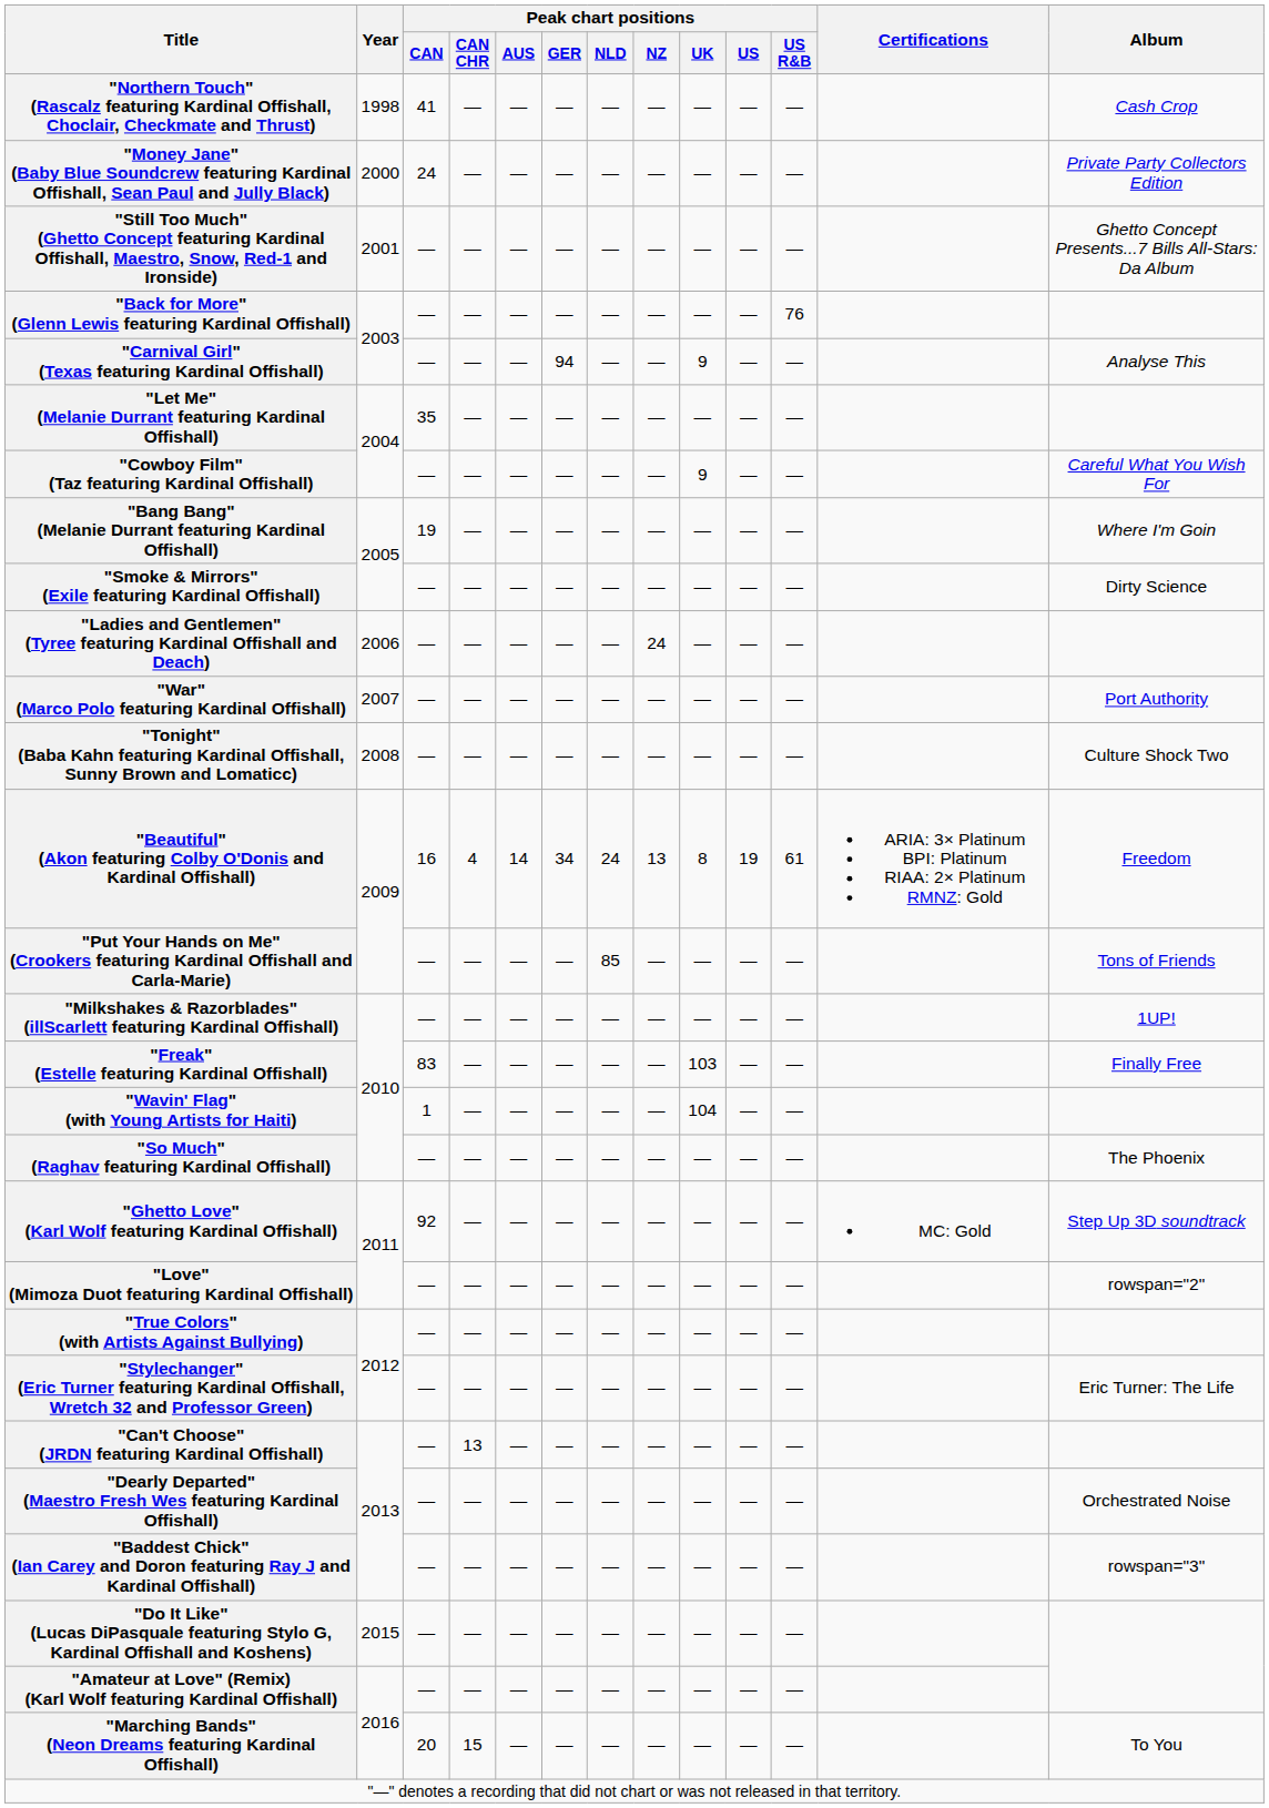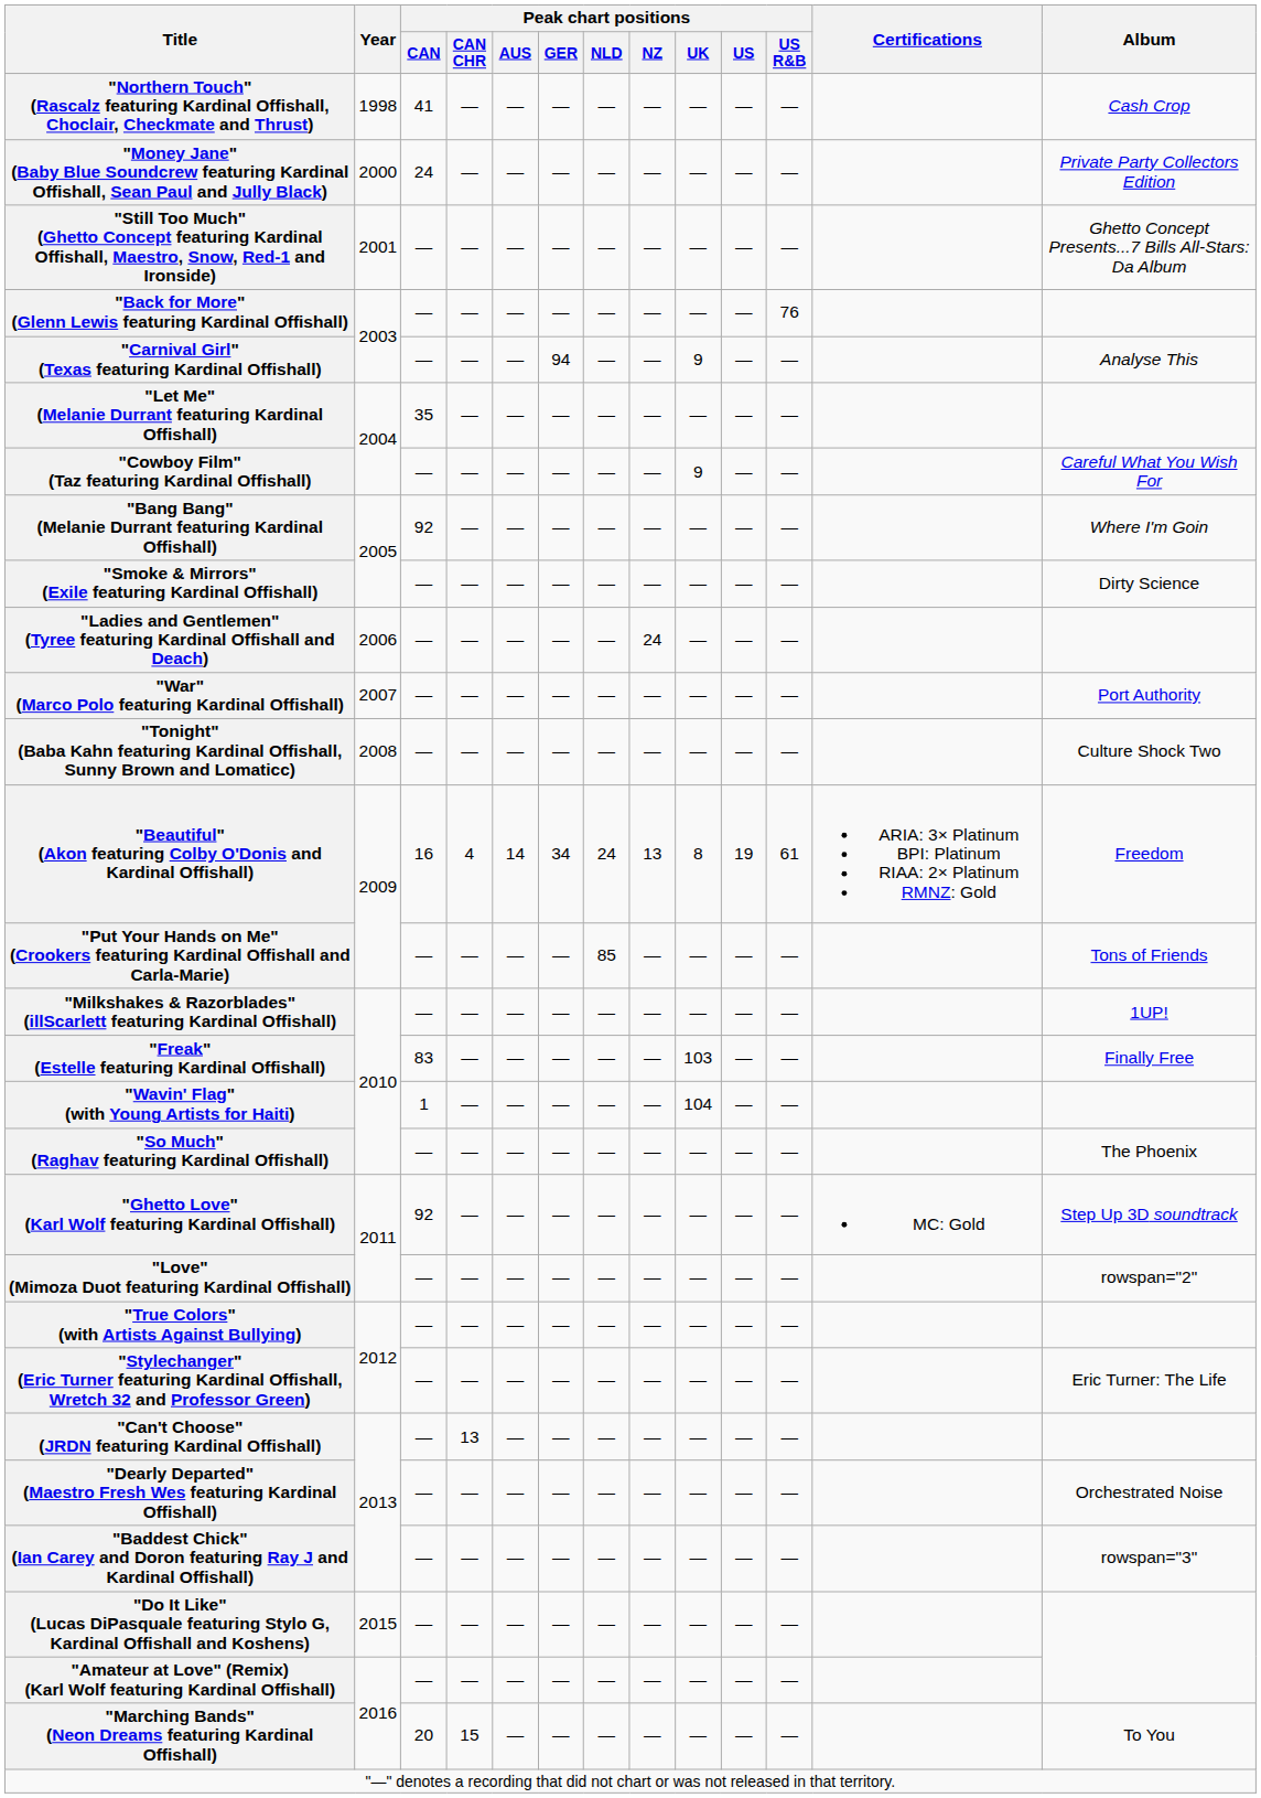 <table class="wikitable plainrowheaders" style="text-align:center;">
 <tr>
 <th scope="col" rowspan="2" style="width:20em;">Title</th>
 <th scope="col" rowspan="2" style="width:1em;">Year</th>
 <th scope="col" colspan="9">Peak chart positions</th>
 <th scope="col" rowspan="2" style="width:13em;"><a href='#'>Certifications</a></th>
 <th scope="col" rowspan="2" style="width:12em;">Album</th>
 </tr>
 <tr>
 <th scope="col" style="width:2.5em;font-size:90%;"><a href='#'>CAN</a><br></th>
 <th scope="col" style="width:2.5em;font-size:90%;"><a href='#'>CAN<br>CHR</a><br></th>
 <th scope="col" style="width:2.5em;font-size:90%;"><a href='#'>AUS</a><br></th>
 <th scope="col" style="width:2.5em;font-size:90%;"><a href='#'>GER</a><br></th>
 <th scope="col" style="width:2.5em;font-size:90%;"><a href='#'>NLD</a><br></th>
 <th scope="col" style="width:2.5em;font-size:90%;"><a href='#'>NZ</a><br></th>
 <th scope="col" style="width:2.5em;font-size:90%;"><a href='#'>UK</a><br></th>
 <th scope="col" style="width:2.5em;font-size:90%;"><a href='#'>US</a><br></th>
 <th scope="col" style="width:2.5em;font-size:90%;"><a href='#'>US<br>R&B</a><br></th>
 </tr>
 <tr>
 <th scope="row">"<a href='#'>Northern Touch</a>"<br><span>(<a href='#'>Rascalz</a> featuring Kardinal Offishall, <a href='#'>Choclair</a>, <a href='#'>Checkmate</a> and <a href='#'>Thrust</a>)</span></th>
 <td>1998</td>
 <td>41</td>
 <td>—</td>
 <td>—</td>
 <td>—</td>
 <td>—</td>
 <td>—</td>
 <td>—</td>
 <td>—</td>
 <td>—</td>
 <td></td>
 <td><em><a href='#'>Cash Crop</a></em></td>
 </tr>
 <tr>
 <th scope="row">"<a href='#'>Money Jane</a>"<br><span>(<a href='#'>Baby Blue Soundcrew</a> featuring Kardinal Offishall, <a href='#'>Sean Paul</a> and <a href='#'>Jully Black</a>)</span></th>
 <td>2000</td>
 <td>24</td>
 <td>—</td>
 <td>—</td>
 <td>—</td>
 <td>—</td>
 <td>—</td>
 <td>—</td>
 <td>—</td>
 <td>—</td>
 <td></td>
 <td><em><a href='#'>Private Party Collectors Edition</a></em></td>
 </tr>
 <tr>
 <th scope="row">"Still Too Much"<br><span>(<a href='#'>Ghetto Concept</a> featuring Kardinal Offishall, <a href='#'>Maestro</a>, <a href='#'>Snow</a>, <a href='#'>Red-1</a> and Ironside)</span></th>
 <td>2001</td>
 <td>—</td>
 <td>—</td>
 <td>—</td>
 <td>—</td>
 <td>—</td>
 <td>—</td>
 <td>—</td>
 <td>—</td>
 <td>—</td>
 <td></td>
 <td><em>Ghetto Concept Presents...7 Bills All-Stars: Da Album </em></td>
 </tr>
 <tr>
 <th scope="row">"<a href='#'>Back for More</a>"<br><span>(<a href='#'>Glenn Lewis</a> featuring Kardinal Offishall)</span></th>
 <td rowspan="2">2003</td>
 <td>—</td>
 <td>—</td>
 <td>—</td>
 <td>—</td>
 <td>—</td>
 <td>—</td>
 <td>—</td>
 <td>—</td>
 <td>76</td>
 <td></td>
 <td></td>
 </tr>
 <tr>
 <th scope="row">"<a href='#'>Carnival Girl</a>"<br><span>(<a href='#'>Texas</a> featuring Kardinal Offishall)</span></th>
 <td>—</td>
 <td>—</td>
 <td>—</td>
 <td>94</td>
 <td>—</td>
 <td>—</td>
 <td>9</td>
 <td>—</td>
 <td>—</td>
 <td></td>
 <td><em>Analyse This</em></td>
 </tr>
 <tr>
 <th scope="row">"Let Me"<br><span>(<a href='#'>Melanie Durrant</a> featuring Kardinal Offishall)</span></th>
 <td rowspan="2">2004</td>
 <td>35</td>
 <td>—</td>
 <td>—</td>
 <td>—</td>
 <td>—</td>
 <td>—</td>
 <td>—</td>
 <td>—</td>
 <td>—</td>
 <td></td>
 <td></td>
 </tr>
 <tr>
 <th scope="row">"Cowboy Film"<br><span>(Taz featuring Kardinal Offishall)</span></th>
 <td>—</td>
 <td>—</td>
 <td>—</td>
 <td>—</td>
 <td>—</td>
 <td>—</td>
 <td>9</td>
 <td>—</td>
 <td>—</td>
 <td></td>
 <td><em><a href='#'>Careful What You Wish For</a></em></td>
 </tr>
 <tr>
 <th scope="row">"Bang Bang"<br><span>(Melanie Durrant featuring Kardinal Offishall)</span></th>
 <td rowspan="2">2005</td>
-<td>19</td>
+<td>92</td>
 <td>—</td>
 <td>—</td>
 <td>—</td>
 <td>—</td>
 <td>—</td>
 <td>—</td>
 <td>—</td>
 <td>—</td>
 <td></td>
 <td><em>Where I'm Goin<strong></td>
 </tr>
 <tr>
 <th scope="row">"Smoke & Mirrors"<br><span>(<a href='#'>Exile</a> featuring Kardinal Offishall)</span></th>
 <td>—</td>
 <td>—</td>
 <td>—</td>
 <td>—</td>
 <td>—</td>
 <td>—</td>
 <td>—</td>
 <td>—</td>
 <td>—</td>
 <td></td>
 <td></em>Dirty Science<em></td>
 </tr>
 <tr>
 <th scope="row">"Ladies and Gentlemen"<br><span>(<a href='#'>Tyree</a> featuring Kardinal Offishall and <a href='#'>Deach</a>)</span></th>
 <td>2006</td>
 <td>—</td>
 <td>—</td>
 <td>—</td>
 <td>—</td>
 <td>—</td>
 <td>24</td>
 <td>—</td>
 <td>—</td>
 <td>—</td>
 <td></td>
 <td></td>
 </tr>
 <tr>
 <th scope="row">"War"<br><span>(<a href='#'>Marco Polo</a> featuring Kardinal Offishall)</span></th>
 <td>2007</td>
 <td>—</td>
 <td>—</td>
 <td>—</td>
 <td>—</td>
 <td>—</td>
 <td>—</td>
 <td>—</td>
 <td>—</td>
 <td>—</td>
 <td></td>
 <td></em><a href='#'>Port Authority</a><em></td>
 </tr>
 <tr>
 <th scope="row">"Tonight"<br><span>(Baba Kahn featuring Kardinal Offishall, Sunny Brown and Lomaticc)</span></th>
 <td>2008</td>
 <td>—</td>
 <td>—</td>
 <td>—</td>
 <td>—</td>
 <td>—</td>
 <td>—</td>
 <td>—</td>
 <td>—</td>
 <td>—</td>
 <td></td>
 <td></em>Culture Shock Two<em></td>
 </tr>
 <tr>
 <th scope="row">"<a href='#'>Beautiful</a>"<br><span>(<a href='#'>Akon</a> featuring <a href='#'>Colby O'Donis</a> and Kardinal Offishall)</span></th>
 <td rowspan="2">2009</td>
 <td>16</td>
 <td>4</td>
 <td>14</td>
 <td>34</td>
 <td>24</td>
 <td>13</td>
 <td>8</td>
 <td>19</td>
 <td>61</td>
 <td><br><ul><li>ARIA: 3× Platinum</li><li>BPI: Platinum</li><li>RIAA: 2× Platinum</li><li><a href='#'>RMNZ</a>: Gold</li></ul></td>
 <td></em><a href='#'>Freedom</a><em></td>
 </tr>
 <tr>
 <th scope="row">"Put Your Hands on Me"<br><span>(<a href='#'>Crookers</a> featuring Kardinal Offishall and Carla-Marie)</span></th>
 <td>—</td>
 <td>—</td>
 <td>—</td>
 <td>—</td>
 <td>85</td>
 <td>—</td>
 <td>—</td>
 <td>—</td>
 <td>—</td>
 <td></td>
 <td></em><a href='#'>Tons of Friends</a><em></td>
 </tr>
 <tr>
 <th scope="row">"Milkshakes & Razorblades"<br><span>(<a href='#'>illScarlett</a> featuring Kardinal Offishall)</span></th>
 <td rowspan="4">2010</td>
 <td>—</td>
 <td>—</td>
 <td>—</td>
 <td>—</td>
 <td>—</td>
 <td>—</td>
 <td>—</td>
 <td>—</td>
 <td>—</td>
 <td></td>
 <td></em><a href='#'>1UP!</a><em></td>
 </tr>
 <tr>
 <th scope="row">"<a href='#'>Freak</a>"<br><span>(<a href='#'>Estelle</a> featuring Kardinal Offishall)</span></th>
 <td>83</td>
 <td>—</td>
 <td>—</td>
 <td>—</td>
 <td>—</td>
 <td>—</td>
 <td>103</td>
 <td>—</td>
 <td>—</td>
 <td></td>
 <td></em><a href='#'>Finally Free</a><em></td>
 </tr>
 <tr>
 <th scope="row">"<a href='#'>Wavin' Flag</a>"<br><span>(with <a href='#'>Young Artists for Haiti</a>)</span></th>
 <td>1</td>
 <td>—</td>
 <td>—</td>
 <td>—</td>
 <td>—</td>
 <td>—</td>
 <td>104</td>
 <td>—</td>
 <td>—</td>
 <td></td>
 <td></td>
 </tr>
 <tr>
 <th scope="row">"<a href='#'>So Much</a>"<br><span>(<a href='#'>Raghav</a> featuring Kardinal Offishall)</span></th>
 <td>—</td>
 <td>—</td>
 <td>—</td>
 <td>—</td>
 <td>—</td>
 <td>—</td>
 <td>—</td>
 <td>—</td>
 <td>—</td>
 <td></td>
 <td></em>The Phoenix<em></td>
 </tr>
 <tr>
 <th scope="row">"<a href='#'>Ghetto Love</a>"<br><span>(<a href='#'>Karl Wolf</a> featuring Kardinal Offishall)</span></th>
 <td rowspan="2">2011</td>
 <td>92</td>
 <td>—</td>
 <td>—</td>
 <td>—</td>
 <td>—</td>
 <td>—</td>
 <td>—</td>
 <td>—</td>
 <td>—</td>
 <td><br><ul><li>MC: Gold</li></ul></td>
 <td><a href='#'></em>Step Up 3D<em> soundtrack</a></td>
 </tr>
 <tr>
 <th scope="row">"Love"<br><span>(Mimoza Duot featuring Kardinal Offishall)</span></th>
 <td>—</td>
 <td>—</td>
 <td>—</td>
 <td>—</td>
 <td>—</td>
 <td>—</td>
 <td>—</td>
 <td>—</td>
 <td>—</td>
 <td></td>
 <td>rowspan="2" </td>
 </tr>
 <tr>
 <th scope="row">"<a href='#'>True Colors</a>"<br><span>(with <a href='#'>Artists Against Bullying</a>)</span></th>
 <td rowspan="2">2012</td>
 <td>—</td>
 <td>—</td>
 <td>—</td>
 <td>—</td>
 <td>—</td>
 <td>—</td>
 <td>—</td>
 <td>—</td>
 <td>—</td>
 <td></td>
 </tr>
 <tr>
 <th scope="row">"<a href='#'>Stylechanger</a>"<br><span>(<a href='#'>Eric Turner</a> featuring Kardinal Offishall, <a href='#'>Wretch 32</a> and <a href='#'>Professor Green</a>)</span></th>
 <td>—</td>
 <td>—</td>
 <td>—</td>
 <td>—</td>
 <td>—</td>
 <td>—</td>
 <td>—</td>
 <td>—</td>
 <td>—</td>
 <td></td>
 <td></em>Eric Turner: The Life<em></td>
 </tr>
 <tr>
 <th scope="row">"Can't Choose"<br><span>(<a href='#'>JRDN</a> featuring Kardinal Offishall)</span></th>
 <td rowspan="3">2013</td>
 <td>—</td>
 <td>13</td>
 <td>—</td>
 <td>—</td>
 <td>—</td>
 <td>—</td>
 <td>—</td>
 <td>—</td>
 <td>—</td>
 <td></td>
 <td></td>
 </tr>
 <tr>
 <th scope="row">"Dearly Departed"<br><span>(<a href='#'>Maestro Fresh Wes</a> featuring Kardinal Offishall)</span></th>
 <td>—</td>
 <td>—</td>
 <td>—</td>
 <td>—</td>
 <td>—</td>
 <td>—</td>
 <td>—</td>
 <td>—</td>
 <td>—</td>
 <td></td>
 <td></em>Orchestrated Noise<em></td>
 </tr>
 <tr>
 <th scope="row">"Baddest Chick"<br><span>(<a href='#'>Ian Carey</a> and Doron featuring <a href='#'>Ray J</a> and Kardinal Offishall)</span></th>
 <td>—</td>
 <td>—</td>
 <td>—</td>
 <td>—</td>
 <td>—</td>
 <td>—</td>
 <td>—</td>
 <td>—</td>
 <td>—</td>
 <td></td>
 <td>rowspan="3" </td>
 </tr>
 <tr>
 <th scope="row">"Do It Like"<br><span>(Lucas DiPasquale featuring Stylo G, Kardinal Offishall and Koshens)</span></th>
 <td>2015</td>
 <td>—</td>
 <td>—</td>
 <td>—</td>
 <td>—</td>
 <td>—</td>
 <td>—</td>
 <td>—</td>
 <td>—</td>
 <td>—</td>
 <td></td>
 </tr>
 <tr>
 <th scope="row">"Amateur at Love" (Remix)<br><span>(Karl Wolf featuring Kardinal Offishall)</span></th>
 <td rowspan="2">2016</td>
 <td>—</td>
 <td>—</td>
 <td>—</td>
 <td>—</td>
 <td>—</td>
 <td>—</td>
 <td>—</td>
 <td>—</td>
 <td>—</td>
 <td></td>
 </tr>
 <tr>
 <th scope="row">"Marching Bands"<br><span>(<a href='#'>Neon Dreams</a> featuring Kardinal Offishall)</span></th>
 <td>20</td>
 <td>15</td>
 <td>—</td>
 <td>—</td>
 <td>—</td>
 <td>—</td>
 <td>—</td>
 <td>—</td>
 <td>—</td>
 <td></td>
 <td></em>To You<em></td>
 </tr>
 <tr>
 <td colspan="15" style="font-size:90%">"—" denotes a recording that did not chart or was not released in that territory.</td>
 </tr>
 </table>
